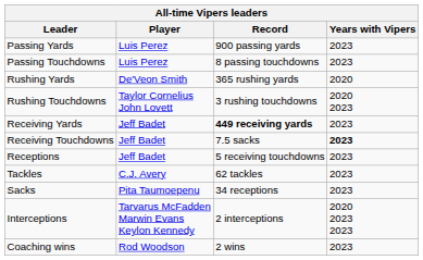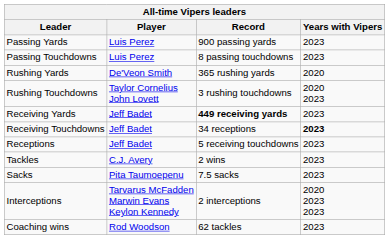 <table class="wikitable">
 <tr>
 <th colspan="5">All-time Vipers leaders</th>
 </tr>
 <tr>
 <th>Leader</th>
 <th>Player</th>
 <th>Record</th>
 <th>Years with Vipers</th>
 </tr>
 <tr>
 <td>Passing Yards</td>
 <td><a href='#'>Luis Perez</a></td>
 <td>900 passing yards</td>
 <td>2023</td>
 </tr>
 <tr>
 <td>Passing Touchdowns</td>
 <td><a href='#'>Luis Perez</a></td>
 <td>8 passing touchdowns</td>
 <td>2023</td>
 </tr>
 <tr>
 <td>Rushing Yards</td>
 <td><a href='#'>De'Veon Smith</a></td>
 <td>365 rushing yards</td>
 <td>2020</td>
 </tr>
 <tr>
 <td>Rushing Touchdowns</td>
 <td><a href='#'>Taylor Cornelius</a><br><a href='#'>John Lovett</a></td>
 <td>3 rushing touchdowns</td>
 <td>2020<br>2023</td>
 </tr>
 <tr>
 <td>Receiving Yards</td>
 <td><a href='#'>Jeff Badet</a></td>
 <td><strong>449 receiving yards</strong></td>
 <td>2023</td>
 </tr>
 <tr>
 <td>Receiving Touchdowns</td>
 <td><a href='#'>Jeff Badet</a></td>
-<td>7.5 sacks</td>
+<td>34 receptions</td>
 <td><strong>2023</strong></td>
 </tr>
 <tr>
 <td>Receptions</td>
 <td><a href='#'>Jeff Badet</a></td>
 <td>5 receiving touchdowns</td>
 <td>2023</td>
 </tr>
 <tr>
 <td>Tackles</td>
 <td><a href='#'>C.J. Avery</a></td>
-<td>62 tackles</td>
+<td>2 wins</td>
 <td>2023</td>
 </tr>
 <tr>
 <td>Sacks</td>
 <td><a href='#'>Pita Taumoepenu</a></td>
-<td>34 receptions</td>
+<td>7.5 sacks</td>
 <td>2023</td>
 </tr>
 <tr>
 <td>Interceptions</td>
 <td><a href='#'>Tarvarus McFadden</a><br><a href='#'>Marwin Evans</a><br><a href='#'>Keylon Kennedy</a></td>
 <td>2 interceptions</td>
 <td>2020<br>2023<br>2023</td>
 </tr>
 <tr>
 <td>Coaching wins</td>
 <td><a href='#'>Rod Woodson</a></td>
-<td>2 wins</td>
+<td>62 tackles</td>
 <td>2023</td>
 </tr>
 </table>
